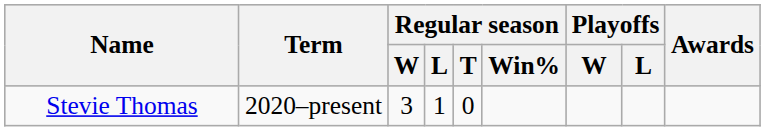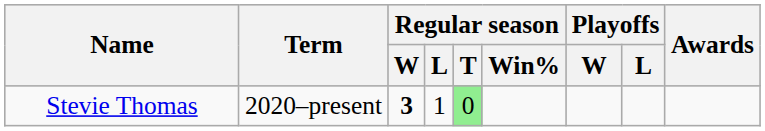 <table class="wikitable" style="text-align:center">
 <tr>
 <th rowspan="2" style="width:140px;">Name</th>
 <th rowspan="2">Term</th>
 <th colspan="4">Regular season</th>
 <th colspan="2">Playoffs</th>
 <th rowspan="2">Awards</th>
 </tr>
 <tr>
 <th>W</th>
 <th>L</th>
 <th>T</th>
 <th>Win%</th>
 <th>W</th>
 <th>L</th>
 </tr>
 <tr>
 <td><a href='#'>Stevie Thomas</a></td>
 <td>2020–present</td>
-<td>3</td>
+<td><strong>3</strong></td>
 <td>1</td>
-<td>0</td>
+<td style="background: lightgreen;">0</td>
 <td></td>
 <td></td>
 <td></td>
 <td></td>
 </tr>
 </table>
